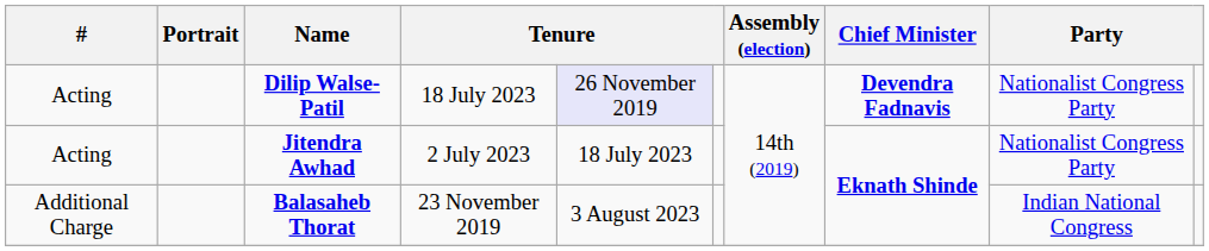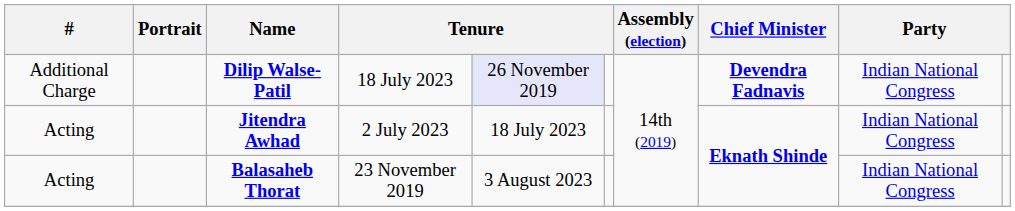 <table class="wikitable" style="text-align:center">
 <tr>
 <th>#</th>
 <th>Portrait</th>
 <th>Name</th>
 <th colspan="3" scope="col">Tenure</th>
 <th>Assembly<br><small>(<a href='#'>election</a>)</small></th>
 <th><a href='#'>Chief Minister</a></th>
 <th colspan="2" scope="col">Party</th>
 </tr>
 <tr>
-<td>Acting</td>
+<td>Additional Charge</td>
 <td></td>
 <td><strong><a href='#'>Dilip Walse-Patil</a></strong></td>
 <td>18 July 2023</td>
 <td style="background: lavender;">26 November 2019</td>
 <td></td>
 <td rowspan=3>14th<br><small>(<a href='#'>2019</a>)</small></td>
 <td rowspan=1><strong><a href='#'>Devendra Fadnavis</a></strong></td>
-<td><a href='#'>Nationalist Congress Party</a></td>
+<td><a href='#'>Indian National Congress</a></td>
 <td style="background-color: "></td>
 </tr>
 <tr>
 <td>Acting</td>
 <td></td>
 <td><strong><a href='#'>Jitendra Awhad</a></strong></td>
 <td>2 July 2023</td>
 <td>18 July 2023</td>
 <td></td>
 <td rowspan=2><strong><a href='#'>Eknath Shinde</a></strong></td>
-<td><a href='#'>Nationalist Congress Party</a></td>
+<td><a href='#'>Indian National Congress</a></td>
 <td style="background-color: "></td>
 </tr>
 <tr>
-<td>Additional Charge</td>
+<td>Acting</td>
 <td></td>
 <td><strong><a href='#'>Balasaheb Thorat</a></strong></td>
 <td>23 November 2019</td>
 <td>3 August 2023</td>
 <td></td>
 <td><a href='#'>Indian National Congress</a></td>
 <td style="background-color: "></td>
 </tr>
 <tr>
 </tr>
 </table>
